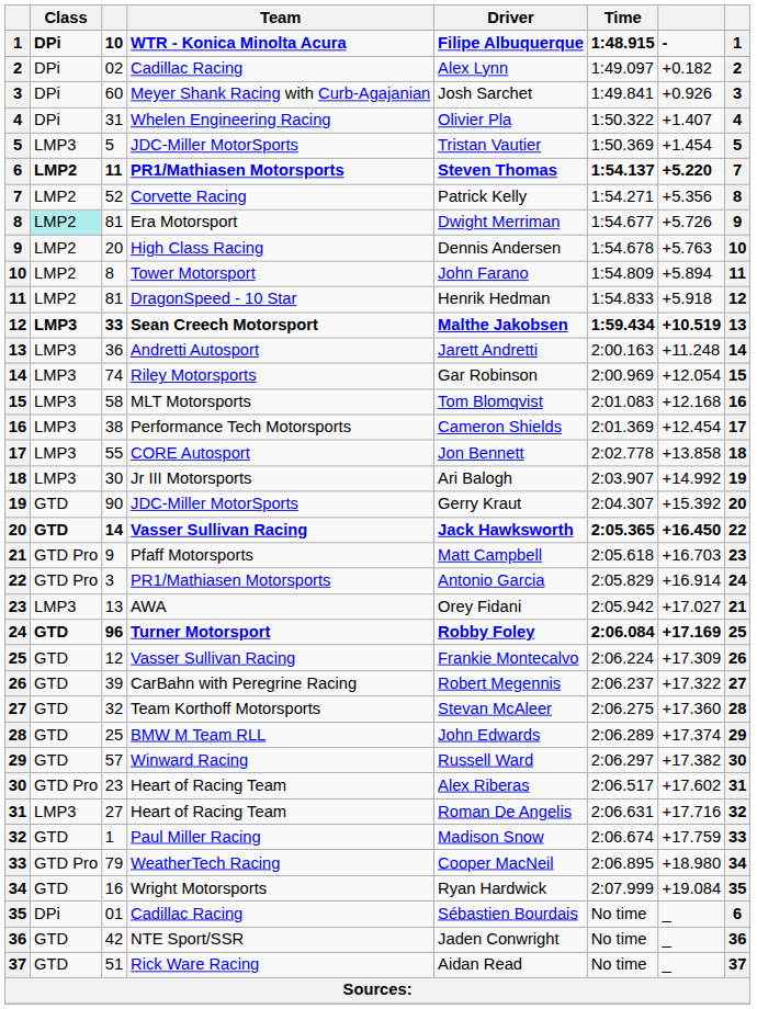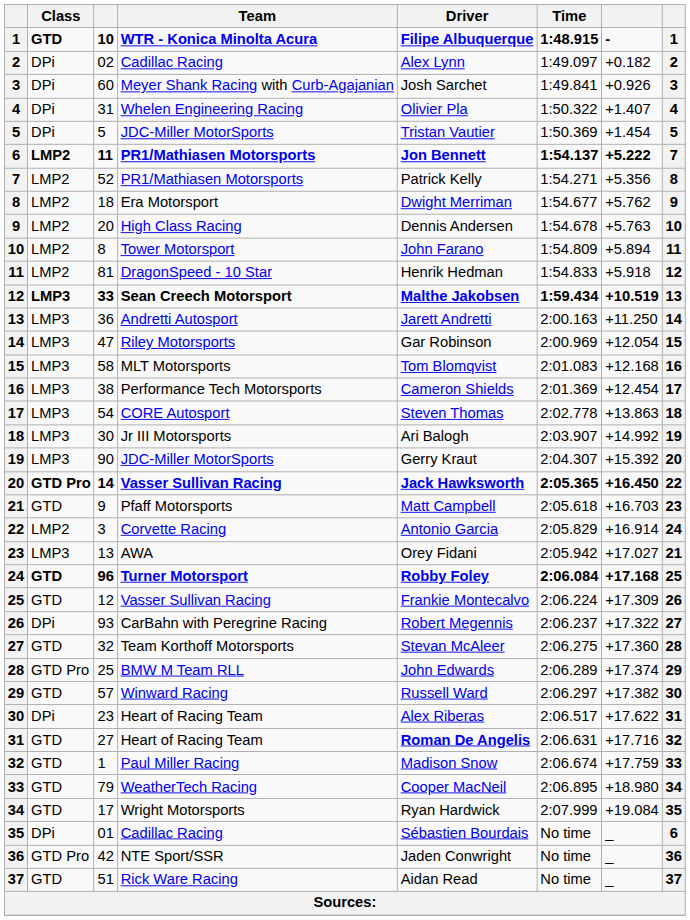 <table class="wikitable">
 <tr>
 <th scope="col"></th>
 <th scope="col">Class</th>
 <th scope="col"></th>
 <th scope="col">Team</th>
 <th scope="col">Driver</th>
 <th scope="col">Time</th>
 <th scope="col"></th>
 <th scope="col"></th>
 </tr>
 <tr style="font-weight:bold">
 <th scope="row">1</th>
-<td>DPi</td>
+<td>GTD</td>
 <td>10</td>
 <td> <a href='#'>WTR - Konica Minolta Acura</a></td>
 <td> <a href='#'>Filipe Albuquerque</a></td>
 <td>1:48.915</td>
 <td>-</td>
 <th><strong>1</strong></th>
 </tr>
 <tr>
 <th scope="row">2</th>
 <td>DPi</td>
 <td>02</td>
 <td> <a href='#'>Cadillac Racing</a></td>
 <td> <a href='#'>Alex Lynn</a></td>
 <td>1:49.097</td>
 <td>+0.182</td>
 <th>2</th>
 </tr>
 <tr>
 <th scope="row">3</th>
 <td>DPi</td>
 <td>60</td>
 <td> <a href='#'>Meyer Shank Racing</a> with <a href='#'>Curb-Agajanian</a></td>
 <td> Josh Sarchet</td>
 <td>1:49.841</td>
 <td>+0.926</td>
 <th>3</th>
 </tr>
 <tr>
 <th scope="row">4</th>
 <td>DPi</td>
 <td>31</td>
 <td> <a href='#'>Whelen Engineering Racing</a></td>
 <td> <a href='#'>Olivier Pla</a></td>
 <td>1:50.322</td>
 <td>+1.407</td>
 <th>4</th>
 </tr>
 <tr>
 <th scope="row">5</th>
-<td>LMP3</td>
+<td>DPi</td>
 <td>5</td>
 <td> <a href='#'>JDC-Miller MotorSports</a></td>
 <td> <a href='#'>Tristan Vautier</a></td>
 <td>1:50.369</td>
 <td>+1.454</td>
 <th>5</th>
 </tr>
 <tr style="font-weight:bold">
 <th scope="row">6</th>
 <td>LMP2</td>
 <td>11</td>
 <td> <a href='#'>PR1/Mathiasen Motorsports</a></td>
-<td> <a href='#'>Steven Thomas</a></td>
+<td> <a href='#'>Jon Bennett</a></td>
 <td>1:54.137</td>
-<td>+5.220</td>
+<td>+5.222</td>
 <th>7</th>
 </tr>
 <tr>
 <th scope="row">7</th>
 <td>LMP2</td>
 <td>52</td>
-<td> <a href='#'>Corvette Racing</a></td>
+<td> <a href='#'>PR1/Mathiasen Motorsports</a></td>
 <td> Patrick Kelly</td>
 <td>1:54.271</td>
 <td>+5.356</td>
 <th>8</th>
 </tr>
 <tr>
 <th scope="row">8</th>
-<td style="background: paleturquoise;">LMP2</td>
-<td>81</td>
+<td>LMP2</td>
+<td>18</td>
 <td> Era Motorsport</td>
 <td> <a href='#'>Dwight Merriman</a></td>
 <td>1:54.677</td>
-<td>+5.726</td>
+<td>+5.762</td>
 <th>9</th>
 </tr>
 <tr>
 <th scope="row">9</th>
 <td>LMP2</td>
 <td>20</td>
 <td> <a href='#'>High Class Racing</a></td>
 <td> Dennis Andersen</td>
 <td>1:54.678</td>
 <td>+5.763</td>
 <th>10</th>
 </tr>
 <tr>
 <th scope="row">10</th>
 <td>LMP2</td>
 <td>8</td>
 <td> <a href='#'>Tower Motorsport</a></td>
 <td> <a href='#'>John Farano</a></td>
 <td>1:54.809</td>
 <td>+5.894</td>
 <th>11</th>
 </tr>
 <tr>
 <th scope="row">11</th>
 <td>LMP2</td>
 <td>81</td>
 <td> <a href='#'>DragonSpeed - 10 Star</a></td>
 <td> Henrik Hedman</td>
 <td>1:54.833</td>
 <td>+5.918</td>
 <th>12</th>
 </tr>
 <tr style="font-weight:bold">
 <th scope="row">12</th>
 <td>LMP3</td>
 <td>33</td>
 <td> Sean Creech Motorsport</td>
 <td> <a href='#'>Malthe Jakobsen</a></td>
 <td>1:59.434</td>
 <td>+10.519</td>
 <th>13</th>
 </tr>
 <tr>
 <th scope="row">13</th>
 <td>LMP3</td>
 <td>36</td>
 <td> <a href='#'>Andretti Autosport</a></td>
 <td> <a href='#'>Jarett Andretti</a></td>
 <td>2:00.163</td>
-<td>+11.248</td>
+<td>+11.250</td>
 <th>14</th>
 </tr>
 <tr>
 <th scope="row">14</th>
 <td>LMP3</td>
-<td>74</td>
+<td>47</td>
 <td> <a href='#'>Riley Motorsports</a></td>
 <td> Gar Robinson</td>
 <td>2:00.969</td>
 <td>+12.054</td>
 <th>15</th>
 </tr>
 <tr>
 <th scope="row">15</th>
 <td>LMP3</td>
 <td>58</td>
 <td> MLT Motorsports</td>
 <td> <a href='#'>Tom Blomqvist</a></td>
 <td>2:01.083</td>
 <td>+12.168</td>
 <th>16</th>
 </tr>
 <tr>
 <th scope="row">16</th>
 <td>LMP3</td>
 <td>38</td>
 <td> Performance Tech Motorsports</td>
 <td> <a href='#'>Cameron Shields</a></td>
 <td>2:01.369</td>
 <td>+12.454</td>
 <th>17</th>
 </tr>
 <tr>
 <th scope="row">17</th>
 <td>LMP3</td>
-<td>55</td>
+<td>54</td>
 <td> <a href='#'>CORE Autosport</a></td>
-<td> <a href='#'>Jon Bennett</a></td>
+<td> <a href='#'>Steven Thomas</a></td>
 <td>2:02.778</td>
-<td>+13.858</td>
+<td>+13.863</td>
 <th>18</th>
 </tr>
 <tr>
 <th scope="row">18</th>
 <td>LMP3</td>
 <td>30</td>
 <td> Jr III Motorsports</td>
 <td> Ari Balogh</td>
 <td>2:03.907</td>
 <td>+14.992</td>
 <th>19</th>
 </tr>
 <tr>
 <th scope="row">19</th>
-<td>GTD</td>
+<td>LMP3</td>
 <td>90</td>
 <td> <a href='#'>JDC-Miller MotorSports</a></td>
 <td> Gerry Kraut</td>
 <td>2:04.307</td>
 <td>+15.392</td>
 <th>20</th>
 </tr>
 <tr style="font-weight:bold">
 <th scope="row">20</th>
-<td>GTD</td>
+<td>GTD Pro</td>
 <td>14</td>
 <td> <a href='#'>Vasser Sullivan Racing</a></td>
 <td> <a href='#'>Jack Hawksworth</a></td>
 <td>2:05.365</td>
 <td>+16.450</td>
 <th><strong>22</strong></th>
 </tr>
 <tr>
 <th scope="row">21</th>
-<td>GTD Pro</td>
+<td>GTD</td>
 <td>9</td>
 <td> Pfaff Motorsports</td>
 <td> <a href='#'>Matt Campbell</a></td>
 <td>2:05.618</td>
 <td>+16.703</td>
 <th>23</th>
 </tr>
 <tr>
 <th scope="row">22</th>
-<td>GTD Pro</td>
+<td>LMP2</td>
 <td>3</td>
-<td> <a href='#'>PR1/Mathiasen Motorsports</a></td>
+<td> <a href='#'>Corvette Racing</a></td>
 <td> <a href='#'>Antonio Garcia</a></td>
 <td>2:05.829</td>
 <td>+16.914</td>
 <th>24</th>
 </tr>
 <tr>
 <th scope="row">23</th>
 <td>LMP3</td>
 <td>13</td>
 <td> AWA</td>
 <td> Orey Fidani</td>
 <td>2:05.942</td>
 <td>+17.027</td>
 <th><strong>21</strong></th>
 </tr>
 <tr style="font-weight:bold">
 <th scope="row">24</th>
 <td>GTD</td>
 <td>96</td>
 <td> <a href='#'>Turner Motorsport</a></td>
 <td> <a href='#'>Robby Foley</a></td>
 <td>2:06.084</td>
-<td>+17.169</td>
+<td>+17.168</td>
 <th>25</th>
 </tr>
 <tr>
 <th scope="row">25</th>
 <td>GTD</td>
 <td>12</td>
 <td> <a href='#'>Vasser Sullivan Racing</a></td>
 <td> <a href='#'>Frankie Montecalvo</a></td>
 <td>2:06.224</td>
 <td>+17.309</td>
 <th>26</th>
 </tr>
 <tr>
 <th scope="row">26</th>
-<td>GTD</td>
-<td>39</td>
+<td>DPi</td>
+<td>93</td>
 <td> CarBahn with Peregrine Racing</td>
 <td> <a href='#'>Robert Megennis</a></td>
 <td>2:06.237</td>
 <td>+17.322</td>
 <th>27</th>
 </tr>
 <tr>
 <th scope="row">27</th>
 <td>GTD</td>
 <td>32</td>
 <td> Team Korthoff Motorsports</td>
 <td> <a href='#'>Stevan McAleer</a></td>
 <td>2:06.275</td>
 <td>+17.360</td>
 <th><strong>28</strong></th>
 </tr>
 <tr>
 <th scope="row">28</th>
-<td>GTD</td>
+<td>GTD Pro</td>
 <td>25</td>
 <td> <a href='#'>BMW M Team RLL</a></td>
 <td> <a href='#'>John Edwards</a></td>
 <td>2:06.289</td>
 <td>+17.374</td>
 <th>29</th>
 </tr>
 <tr>
 <th scope="row">29</th>
 <td>GTD</td>
 <td>57</td>
 <td> <a href='#'>Winward Racing</a></td>
 <td> <a href='#'>Russell Ward</a></td>
 <td>2:06.297</td>
 <td>+17.382</td>
 <th>30</th>
 </tr>
 <tr>
 <th scope="row">30</th>
-<td>GTD Pro</td>
+<td>DPi</td>
 <td>23</td>
 <td> Heart of Racing Team</td>
 <td> <a href='#'>Alex Riberas</a></td>
 <td>2:06.517</td>
-<td>+17.602</td>
+<td>+17.622</td>
 <th>31</th>
 </tr>
 <tr>
 <th scope="row">31</th>
-<td>LMP3</td>
+<td>GTD</td>
 <td>27</td>
 <td> Heart of Racing Team</td>
-<td> <a href='#'>Roman De Angelis</a></td>
+<td><strong> <a href='#'>Roman De Angelis</a></strong></td>
 <td>2:06.631</td>
 <td>+17.716</td>
 <th>32</th>
 </tr>
 <tr>
 <th scope="row">32</th>
 <td>GTD</td>
 <td>1</td>
 <td> <a href='#'>Paul Miller Racing</a></td>
 <td> <a href='#'>Madison Snow</a></td>
 <td>2:06.674</td>
 <td>+17.759</td>
 <th>33</th>
 </tr>
 <tr>
 <th scope="row">33</th>
-<td>GTD Pro</td>
+<td>GTD</td>
 <td>79</td>
 <td> <a href='#'>WeatherTech Racing</a></td>
 <td> <a href='#'>Cooper MacNeil</a></td>
 <td>2:06.895</td>
 <td>+18.980</td>
 <th>34</th>
 </tr>
 <tr>
 <th scope="row">34</th>
 <td>GTD</td>
-<td>16</td>
+<td>17</td>
 <td> Wright Motorsports</td>
 <td> Ryan Hardwick</td>
 <td>2:07.999</td>
 <td>+19.084</td>
 <th>35</th>
 </tr>
 <tr>
 <th scope="row">35</th>
 <td>DPi</td>
 <td>01</td>
 <td> <a href='#'>Cadillac Racing</a></td>
 <td> <a href='#'>Sébastien Bourdais</a></td>
 <td>No time</td>
 <td>_</td>
 <th>6</th>
 </tr>
 <tr>
 <th scope="row">36</th>
-<td>GTD</td>
+<td>GTD Pro</td>
 <td>42</td>
 <td> NTE Sport/SSR</td>
 <td> Jaden Conwright</td>
 <td>No time</td>
 <td>_</td>
 <th>36</th>
 </tr>
 <tr>
 <th scope="row">37</th>
 <td>GTD</td>
 <td>51</td>
 <td> <a href='#'>Rick Ware Racing</a></td>
 <td> Aidan Read</td>
 <td>No time</td>
 <td>_</td>
 <th>37</th>
 </tr>
 <tr>
 <th colspan="8">Sources:</th>
 </tr>
 <tr>
 </tr>
 </table>
